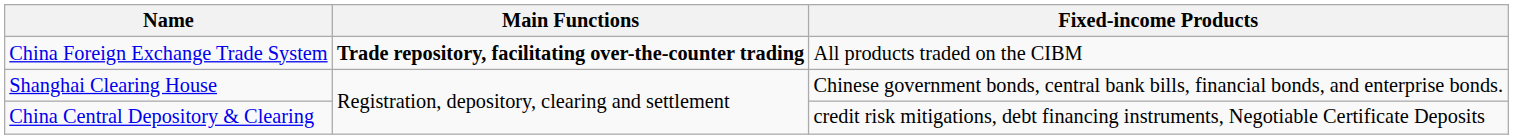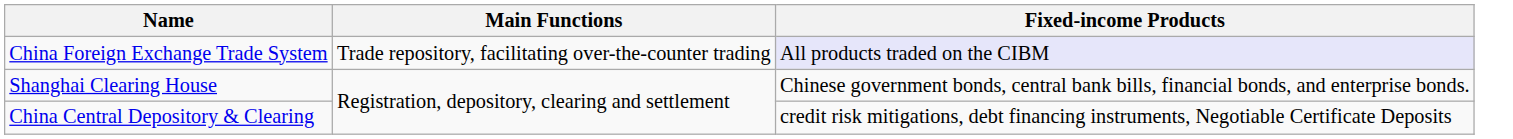 <table class="wikitable">
 <tr>
 <th>Name</th>
 <th>Main Functions</th>
 <th>Fixed-income Products</th>
 </tr>
 <tr>
 <td><a href='#'>China Foreign Exchange Trade System</a></td>
-<td><strong>Trade repository, facilitating over-the-counter trading</strong></td>
-<td>All products traded on the CIBM</td>
+<td>Trade repository, facilitating over-the-counter trading</td>
+<td style="background: lavender;">All products traded on the CIBM</td>
 </tr>
 <tr>
 <td><a href='#'>Shanghai Clearing House</a></td>
 <td rowspan="2">Registration, depository, clearing and settlement</td>
 <td>Chinese government bonds, central bank bills, financial bonds, and enterprise bonds.</td>
 </tr>
 <tr>
 <td><a href='#'>China Central Depository & Clearing</a></td>
 <td>credit risk mitigations, debt financing instruments, Negotiable Certificate Deposits</td>
 </tr>
 </table>
